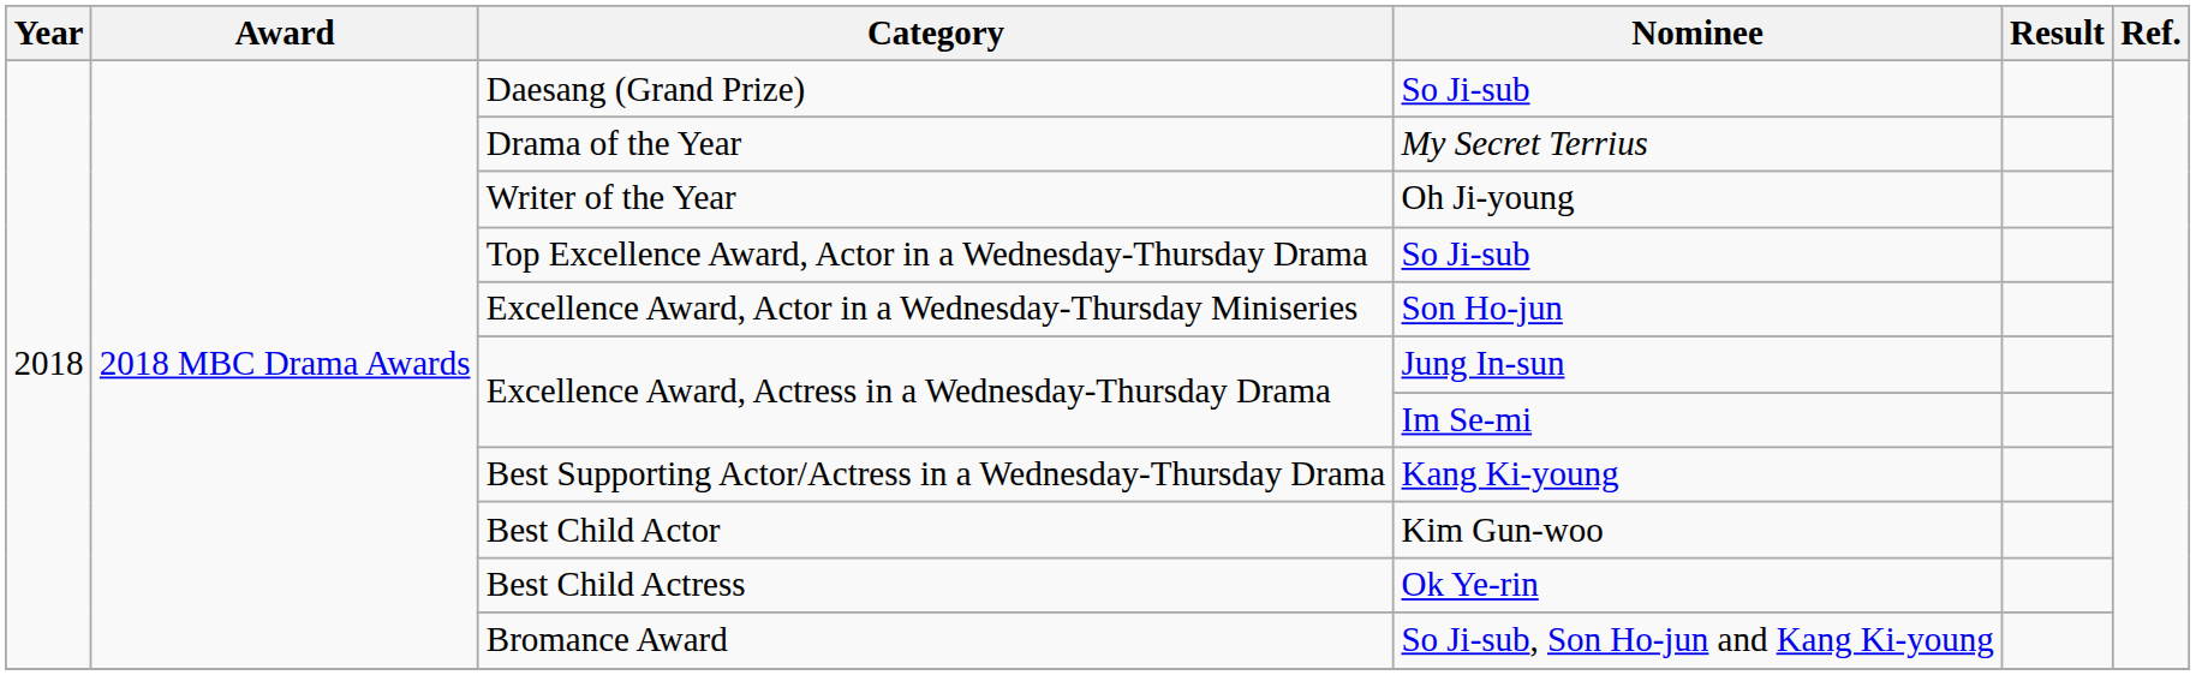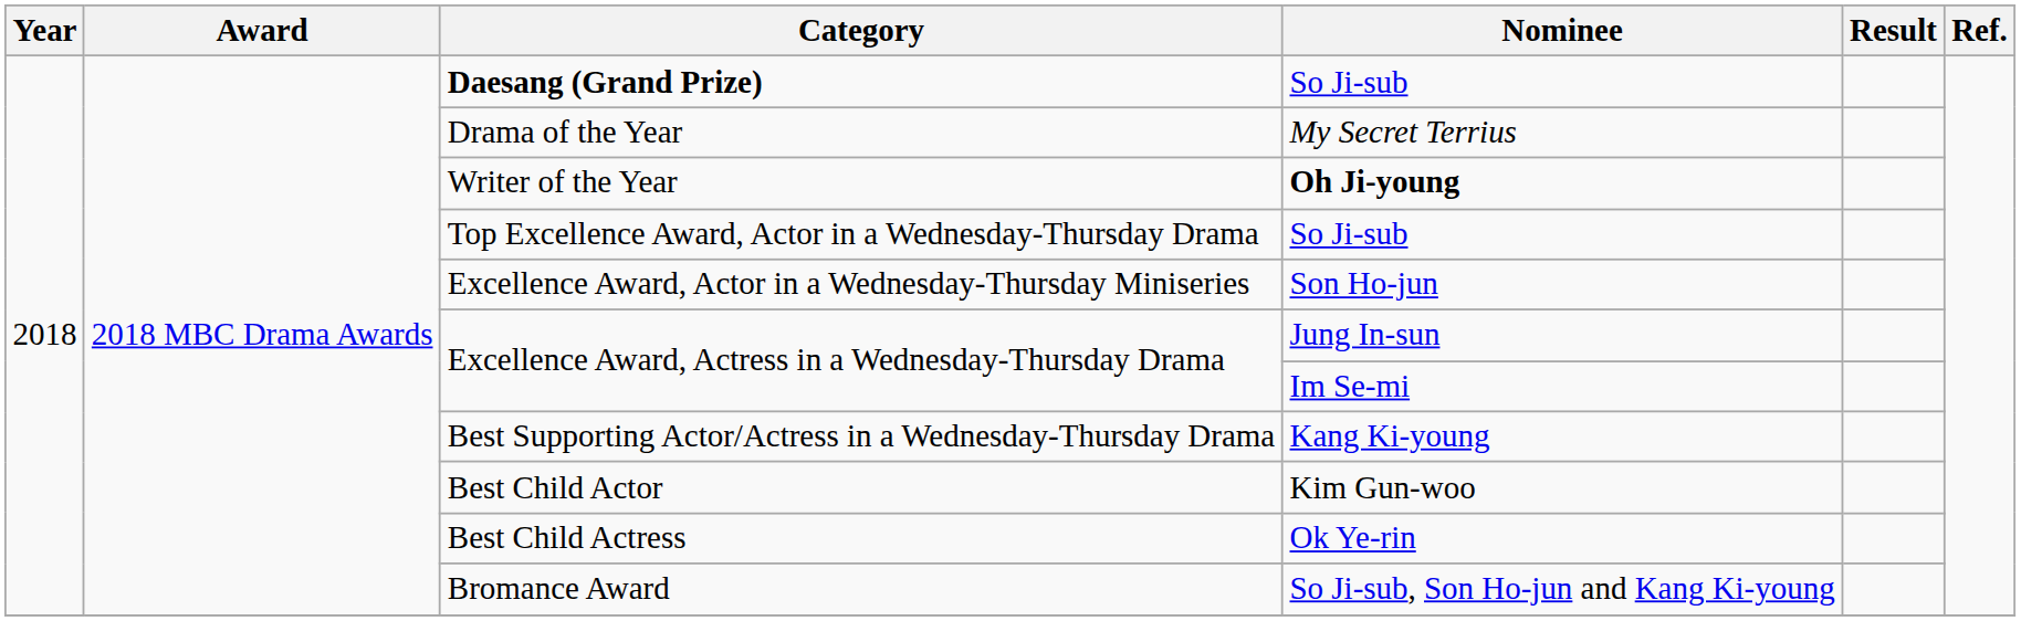 <table class="wikitable">
 <tr>
 <th>Year</th>
 <th>Award</th>
 <th>Category</th>
 <th>Nominee</th>
 <th>Result</th>
 <th>Ref.</th>
 </tr>
 <tr>
 <td rowspan=11>2018</td>
 <td rowspan=11><a href='#'>2018 MBC Drama Awards</a></td>
-<td>Daesang (Grand Prize)</td>
+<td><strong>Daesang (Grand Prize)</strong></td>
 <td><a href='#'>So Ji-sub</a></td>
 <td></td>
 <td rowspan=11></td>
 </tr>
 <tr>
 <td>Drama of the Year</td>
 <td><em>My Secret Terrius</em></td>
 <td></td>
 </tr>
 <tr>
 <td>Writer of the Year</td>
-<td>Oh Ji-young</td>
+<td><strong>Oh Ji-young</strong></td>
 <td></td>
 </tr>
 <tr>
 <td>Top Excellence Award, Actor in a Wednesday-Thursday Drama</td>
 <td><a href='#'>So Ji-sub</a></td>
 <td></td>
 </tr>
 <tr>
 <td>Excellence Award, Actor in a Wednesday-Thursday Miniseries</td>
 <td><a href='#'>Son Ho-jun</a></td>
 <td></td>
 </tr>
 <tr>
 <td rowspan=2>Excellence Award, Actress in a Wednesday-Thursday Drama</td>
 <td><a href='#'>Jung In-sun</a></td>
 <td></td>
 </tr>
 <tr>
 <td><a href='#'>Im Se-mi</a></td>
 <td></td>
 </tr>
 <tr>
 <td>Best Supporting Actor/Actress in a Wednesday-Thursday Drama</td>
 <td><a href='#'>Kang Ki-young</a></td>
 <td></td>
 </tr>
 <tr>
 <td>Best Child Actor</td>
 <td>Kim Gun-woo</td>
 <td></td>
 </tr>
 <tr>
 <td>Best Child Actress</td>
 <td><a href='#'>Ok Ye-rin</a></td>
 <td></td>
 </tr>
 <tr>
 <td>Bromance Award</td>
 <td><a href='#'>So Ji-sub</a>, <a href='#'>Son Ho-jun</a> and <a href='#'>Kang Ki-young</a></td>
 <td></td>
 </tr>
 <tr>
 </tr>
 </table>
